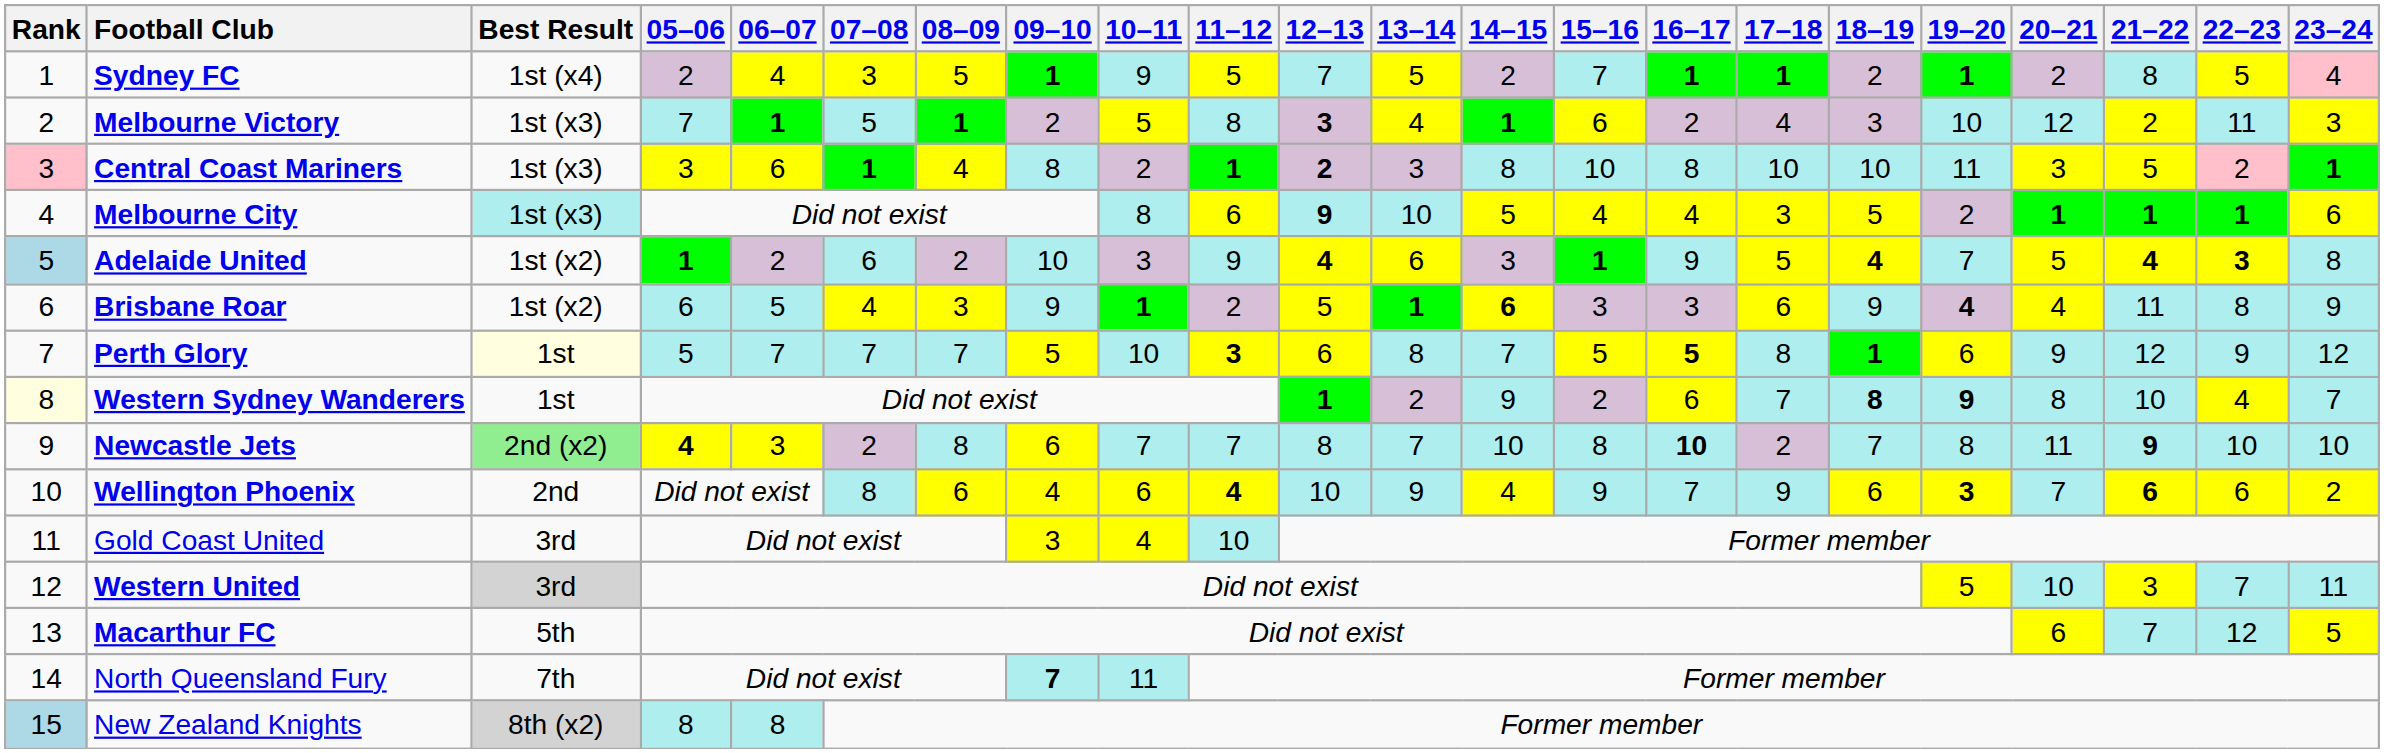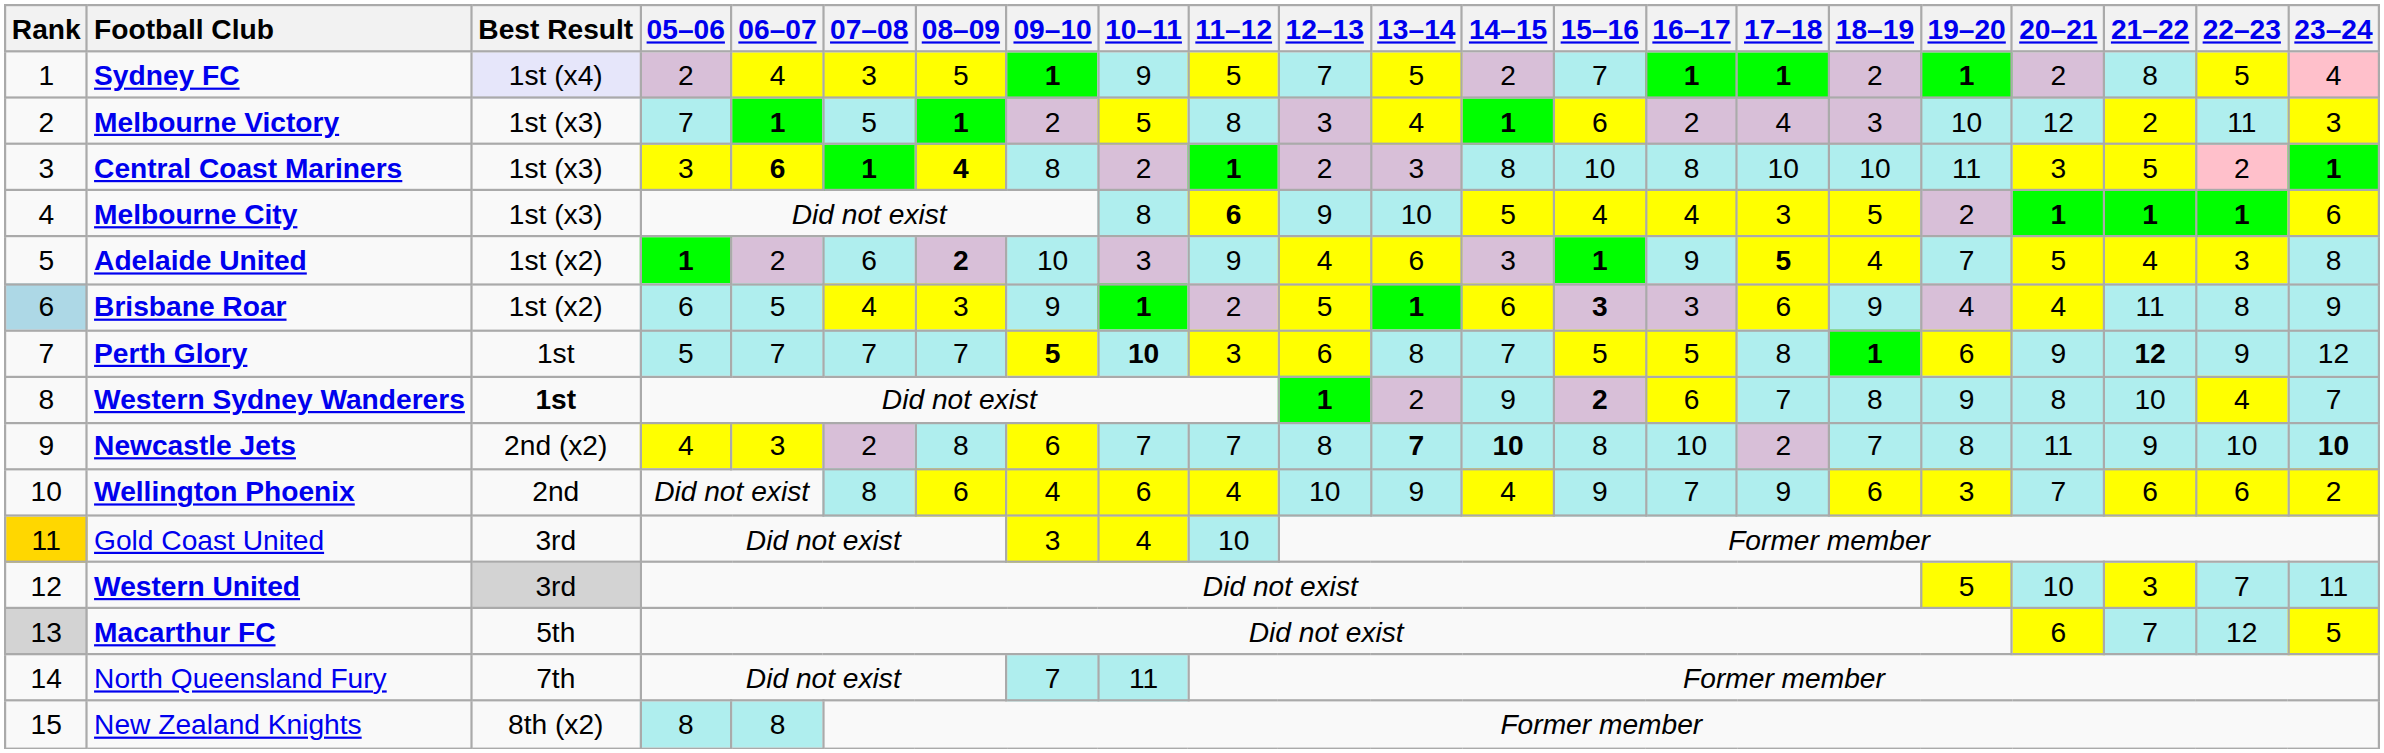 <table class="wikitable" style="text-align:center;font-size:80%">
 <tr>
 <th>Rank</th>
 <th style="text-align:left;">Football Club</th>
 <th>Best Result</th>
 <th><a href='#'>05–06</a></th>
 <th><a href='#'>06–07</a></th>
 <th><a href='#'>07–08</a></th>
 <th><a href='#'>08–09</a></th>
 <th><a href='#'>09–10</a></th>
 <th><a href='#'>10–11</a></th>
 <th><a href='#'>11–12</a></th>
 <th><a href='#'>12–13</a></th>
 <th><a href='#'>13–14</a></th>
 <th><a href='#'>14–15</a></th>
 <th><a href='#'>15–16</a></th>
 <th><a href='#'>16–17</a></th>
 <th><a href='#'>17–18</a></th>
 <th><a href='#'>18–19</a></th>
 <th><a href='#'>19–20</a></th>
 <th><a href='#'>20–21</a></th>
 <th><a href='#'>21–22</a></th>
 <th><a href='#'>22–23</a></th>
 <th><a href='#'>23–24</a></th>
 </tr>
 <tr>
 <td>1</td>
 <td style="text-align:left;"><strong><a href='#'>Sydney FC</a></strong></td>
-<td>1st (x4)</td>
+<td style="background: lavender;">1st (x4)</td>
 <td style="background:thistle">2</td>
 <td style="background:yellow">4</td>
 <td style="background:yellow">3</td>
 <td style="background:yellow">5</td>
 <td style="background:lime"><strong>1</strong></td>
 <td style="background:#afeeee">9</td>
 <td style="background:yellow">5</td>
 <td style="background:#afeeee">7</td>
 <td style="background:yellow">5</td>
 <td style="background:thistle">2</td>
 <td style="background:#afeeee">7</td>
 <td style="background:lime"><strong>1</strong></td>
 <td style="background:lime"><strong>1</strong></td>
 <td style="background:thistle">2</td>
 <td style="background:lime"><strong>1</strong></td>
 <td style="background:thistle">2</td>
 <td style="background:#afeeee">8</td>
 <td style="background:yellow">5</td>
 <td style="background:pink">4</td>
 </tr>
 <tr>
 <td>2</td>
 <td style="text-align:left;"><strong><a href='#'>Melbourne Victory</a></strong></td>
 <td>1st (x3)</td>
 <td style="background:#afeeee">7</td>
 <td style="background:lime"><strong>1</strong></td>
 <td style="background:#afeeee">5</td>
 <td style="background:lime"><strong>1</strong></td>
 <td style="background:thistle">2</td>
 <td style="background:yellow">5</td>
 <td style="background:#afeeee">8</td>
-<td style="background:thistle"><strong>3</strong></td>
+<td style="background:thistle">3</td>
 <td style="background:yellow">4</td>
 <td style="background:lime"><strong>1</strong></td>
 <td style="background:yellow">6</td>
 <td style="background:thistle">2</td>
 <td style="background:thistle">4</td>
 <td style="background:thistle">3</td>
 <td style="background:#afeeee">10</td>
 <td style="background:#afeeee">12</td>
 <td style="background:yellow">2</td>
 <td style="background:#afeeee">11</td>
 <td style="background:yellow">3</td>
 </tr>
 <tr>
-<td style="background: pink;">3</td>
+<td>3</td>
 <td style="text-align:left;"><strong><a href='#'>Central Coast Mariners</a></strong></td>
 <td>1st (x3)</td>
 <td style="background:yellow">3</td>
-<td style="background:yellow">6</td>
+<td style="background:yellow"><strong>6</strong></td>
 <td style="background:lime"><strong>1</strong></td>
-<td style="background:yellow">4</td>
+<td style="background:yellow"><strong>4</strong></td>
 <td style="background:#afeeee">8</td>
 <td style="background:thistle">2</td>
 <td style="background:lime"><strong>1</strong></td>
-<td style="background:thistle"><strong>2</strong></td>
+<td style="background:thistle">2</td>
 <td style="background:thistle">3</td>
 <td style="background:#afeeee">8</td>
 <td style="background:#afeeee">10</td>
 <td style="background:#afeeee">8</td>
 <td style="background:#afeeee">10</td>
 <td style="background:#afeeee">10</td>
 <td style="background:#afeeee">11</td>
 <td style="background:yellow">3</td>
 <td style="background:yellow">5</td>
 <td style="background:pink">2</td>
 <td style="background:lime"><strong>1</strong></td>
 </tr>
 <tr>
 <td>4</td>
 <td style="text-align:left;"><strong><a href='#'>Melbourne City</a></strong></td>
-<td style="background: paleturquoise;">1st (x3)</td>
+<td>1st (x3)</td>
 <td colspan="5"><em>Did not exist</em></td>
 <td style="background:#afeeee">8</td>
-<td style="background:yellow">6</td>
-<td style="background:#afeeee"><strong>9</strong></td>
+<td style="background:yellow"><strong>6</strong></td>
+<td style="background:#afeeee">9</td>
 <td style="background:#afeeee">10</td>
 <td style="background:yellow">5</td>
 <td style="background:yellow">4</td>
 <td style="background:yellow">4</td>
 <td style="background:yellow">3</td>
 <td style="background:yellow">5</td>
 <td style="background:thistle">2</td>
 <td style="background:lime"><strong>1</strong></td>
 <td style="background:lime"><strong>1</strong></td>
 <td style="background:lime"><strong>1</strong></td>
 <td style="background:yellow">6</td>
 </tr>
 <tr>
-<td style="background: lightblue;">5</td>
+<td>5</td>
 <td style="text-align:left;"><strong><a href='#'>Adelaide United</a></strong></td>
 <td>1st (x2)</td>
 <td style="background:lime"><strong>1</strong></td>
 <td style="background:thistle">2</td>
 <td style="background:#afeeee">6</td>
-<td style="background:thistle">2</td>
+<td style="background:thistle"><strong>2</strong></td>
 <td style="background:#afeeee">10</td>
 <td style="background:thistle">3</td>
 <td style="background:#afeeee">9</td>
-<td style="background:yellow"><strong>4</strong></td>
+<td style="background:yellow">4</td>
 <td style="background:yellow">6</td>
 <td style="background:thistle">3</td>
 <td style="background:lime"><strong>1</strong></td>
 <td style="background:#afeeee">9</td>
-<td style="background:yellow">5</td>
-<td style="background:yellow"><strong>4</strong></td>
+<td style="background:yellow"><strong>5</strong></td>
+<td style="background:yellow">4</td>
 <td style="background:#afeeee">7</td>
 <td style="background:yellow">5</td>
-<td style="background:yellow"><strong>4</strong></td>
-<td style="background:yellow"><strong>3</strong></td>
+<td style="background:yellow">4</td>
+<td style="background:yellow">3</td>
 <td style="background:#afeeee">8</td>
 </tr>
 <tr>
-<td>6</td>
+<td style="background: lightblue;">6</td>
 <td style="text-align:left;"><strong><a href='#'>Brisbane Roar</a></strong></td>
 <td>1st (x2)</td>
 <td style="background:#afeeee">6</td>
 <td style="background:#afeeee">5</td>
 <td style="background:yellow">4</td>
 <td style="background:yellow">3</td>
 <td style="background:#afeeee">9</td>
 <td style="background:lime"><strong>1</strong></td>
 <td style="background:thistle">2</td>
 <td style="background:yellow">5</td>
 <td style="background:lime"><strong>1</strong></td>
-<td style="background:yellow"><strong>6</strong></td>
-<td style="background:thistle">3</td>
+<td style="background:yellow">6</td>
+<td style="background:thistle"><strong>3</strong></td>
 <td style="background:thistle">3</td>
 <td style="background:yellow">6</td>
 <td style="background:#afeeee">9</td>
-<td style="background:thistle"><strong>4</strong></td>
+<td style="background:thistle">4</td>
 <td style="background:yellow">4</td>
 <td style="background:#afeeee">11</td>
 <td style="background:#afeeee">8</td>
 <td style="background:#afeeee">9</td>
 </tr>
 <tr>
 <td>7</td>
 <td style="text-align:left;"><strong><a href='#'>Perth Glory</a></strong></td>
-<td style="background: lightyellow;">1st</td>
+<td>1st</td>
 <td style="background:#afeeee">5</td>
 <td style="background:#afeeee">7</td>
 <td style="background:#afeeee">7</td>
 <td style="background:#afeeee">7</td>
-<td style="background:yellow">5</td>
-<td style="background:#afeeee">10</td>
-<td style="background:yellow"><strong>3</strong></td>
+<td style="background:yellow"><strong>5</strong></td>
+<td style="background:#afeeee"><strong>10</strong></td>
+<td style="background:yellow">3</td>
 <td style="background:yellow">6</td>
 <td style="background:#afeeee">8</td>
 <td style="background:#afeeee">7</td>
 <td style="background:yellow">5</td>
-<td style="background:yellow"><strong>5</strong></td>
+<td style="background:yellow">5</td>
 <td style="background:#afeeee">8</td>
 <td style="background:lime"><strong>1</strong></td>
 <td style="background:yellow">6</td>
 <td style="background:#afeeee">9</td>
-<td style="background:#afeeee">12</td>
+<td style="background:#afeeee"><strong>12</strong></td>
 <td style="background:#afeeee">9</td>
 <td style="background:#afeeee">12</td>
 </tr>
 <tr>
-<td style="background: lightyellow;">8</td>
+<td>8</td>
 <td style="text-align:left;"><strong><a href='#'>Western Sydney Wanderers</a></strong></td>
-<td>1st</td>
+<td><strong>1st</strong></td>
 <td colspan="7"><em>Did not exist</em></td>
 <td style="background:lime"><strong>1</strong></td>
 <td style="background:thistle">2</td>
 <td style="background:#afeeee">9</td>
-<td style="background:thistle">2</td>
+<td style="background:thistle"><strong>2</strong></td>
 <td style="background:yellow">6</td>
 <td style="background:#afeeee">7</td>
-<td style="background:#afeeee"><strong>8</strong></td>
-<td style="background:#afeeee"><strong>9</strong></td>
+<td style="background:#afeeee">8</td>
+<td style="background:#afeeee">9</td>
 <td style="background:#afeeee">8</td>
 <td style="background:#afeeee">10</td>
 <td style="background:yellow">4</td>
 <td style="background:#afeeee">7</td>
 </tr>
 <tr>
 <td>9</td>
 <td style="text-align:left;"><strong><a href='#'>Newcastle Jets</a></strong></td>
-<td style="background: lightgreen;">2nd (x2)</td>
-<td style="background:yellow"><strong>4</strong></td>
+<td>2nd (x2)</td>
+<td style="background:yellow">4</td>
 <td style="background:yellow">3</td>
 <td style="background:thistle">2</td>
 <td style="background:#afeeee">8</td>
 <td style="background:yellow">6</td>
 <td style="background:#afeeee">7</td>
 <td style="background:#afeeee">7</td>
 <td style="background:#afeeee">8</td>
-<td style="background:#afeeee">7</td>
+<td style="background:#afeeee"><strong>7</strong></td>
+<td style="background:#afeeee"><strong>10</strong></td>
+<td style="background:#afeeee">8</td>
 <td style="background:#afeeee">10</td>
-<td style="background:#afeeee">8</td>
-<td style="background:#afeeee"><strong>10</strong></td>
 <td style="background:thistle">2</td>
 <td style="background:#afeeee">7</td>
 <td style="background:#afeeee">8</td>
 <td style="background:#afeeee">11</td>
-<td style="background:#afeeee"><strong>9</strong></td>
+<td style="background:#afeeee">9</td>
 <td style="background:#afeeee">10</td>
-<td style="background:#afeeee">10</td>
+<td style="background:#afeeee"><strong>10</strong></td>
 </tr>
 <tr>
 <td>10</td>
 <td style="text-align:left;"><strong><a href='#'>Wellington Phoenix</a></strong></td>
 <td>2nd</td>
 <td colspan="2"><em>Did not exist</em></td>
 <td style="background:#afeeee">8</td>
 <td style="background:yellow">6</td>
 <td style="background:yellow">4</td>
 <td style="background:yellow">6</td>
-<td style="background:yellow"><strong>4</strong></td>
+<td style="background:yellow">4</td>
 <td style="background:#afeeee">10</td>
 <td style="background:#afeeee">9</td>
 <td style="background:yellow">4</td>
 <td style="background:#afeeee">9</td>
 <td style="background:#afeeee">7</td>
 <td style="background:#afeeee">9</td>
 <td style="background:yellow">6</td>
-<td style="background:yellow"><strong>3</strong></td>
+<td style="background:yellow">3</td>
 <td style="background:#afeeee">7</td>
-<td style="background:yellow"><strong>6</strong></td>
+<td style="background:yellow">6</td>
 <td style="background:yellow">6</td>
 <td style="background:yellow">2</td>
 </tr>
 <tr>
-<td>11</td>
+<td style="background: gold;">11</td>
 <td style="text-align:left;"><a href='#'>Gold Coast United</a></td>
 <td>3rd</td>
 <td colspan="4"><em>Did not exist</em></td>
 <td style="background:yellow">3</td>
 <td style="background:yellow">4</td>
 <td style="background:#afeeee">10</td>
 <td colspan="12"><em>Former member</em></td>
 </tr>
 <tr>
 <td>12</td>
 <td style="text-align:left;"><strong><a href='#'>Western United</a></strong></td>
 <td style="background: lightgrey;">3rd</td>
 <td colspan="14"><em>Did not exist</em></td>
 <td style="background:yellow">5</td>
 <td style="background:#afeeee">10</td>
 <td style="background:yellow">3</td>
 <td style="background:#afeeee">7</td>
 <td style="background:#afeeee">11</td>
 </tr>
 <tr>
-<td>13</td>
+<td style="background: lightgrey;">13</td>
 <td style="text-align:left;"><strong><a href='#'>Macarthur FC</a></strong></td>
 <td>5th</td>
 <td colspan="15"><em>Did not exist</em></td>
 <td style="background:yellow">6</td>
 <td style="background:#afeeee">7</td>
 <td style="background:#afeeee">12</td>
 <td style="background:yellow">5</td>
 </tr>
 <tr>
 <td>14</td>
 <td style="text-align:left;"><a href='#'>North Queensland Fury</a></td>
 <td>7th</td>
 <td colspan="4"><em>Did not exist</em></td>
-<td style="background:#afeeee"><strong>7</strong></td>
+<td style="background:#afeeee">7</td>
 <td style="background:#afeeee">11</td>
 <td colspan="13"><em>Former member</em></td>
 </tr>
 <tr>
-<td style="background: lightblue;">15</td>
+<td>15</td>
 <td style="text-align:left;"><a href='#'>New Zealand Knights</a></td>
-<td style="background: lightgrey;">8th (x2)</td>
+<td>8th (x2)</td>
 <td style="background:#afeeee">8</td>
 <td style="background:#afeeee">8</td>
 <td colspan="17"><em>Former member</em></td>
 </tr>
 </table>
